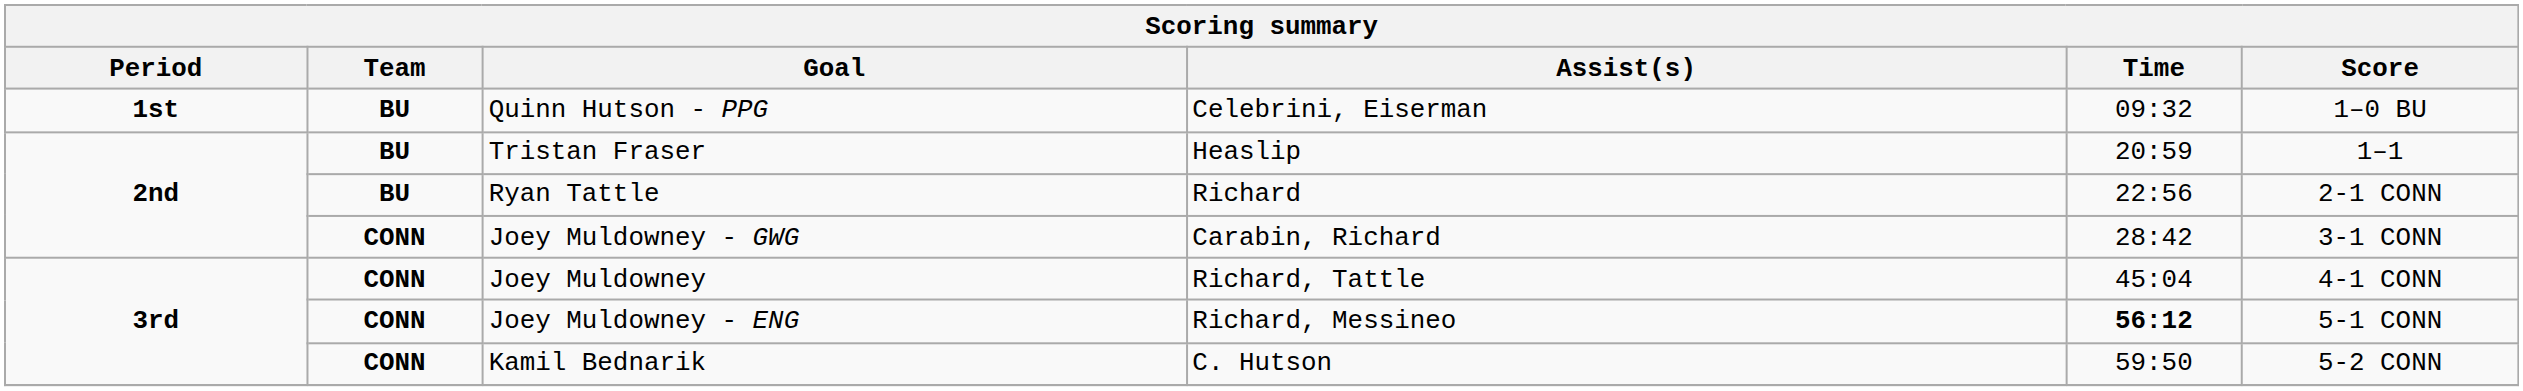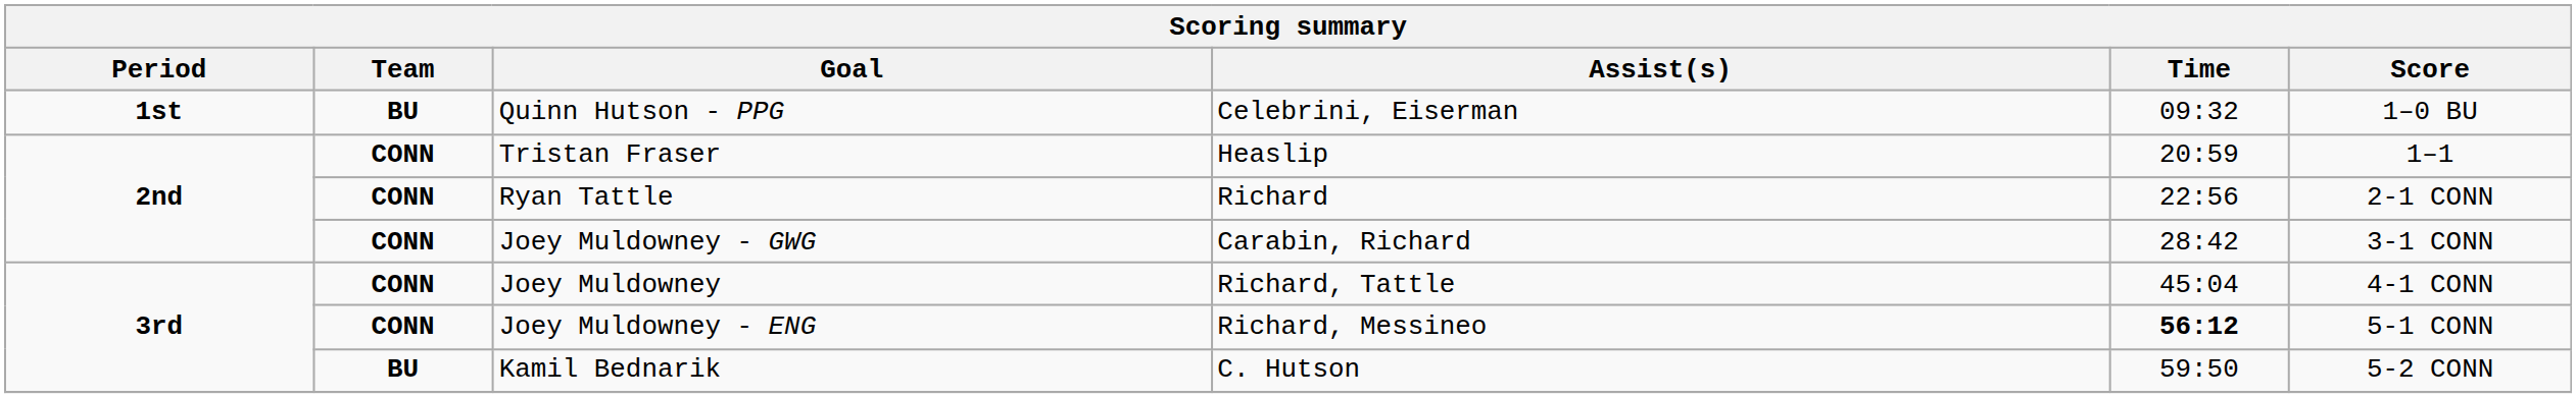 <table style="width:100%;" class="wikitable">
 <tr>
 <th colspan=6>Scoring summary</th>
 </tr>
 <tr>
 <th style="width:12%;">Period</th>
 <th style="width:7%;">Team</th>
 <th style="width:28%;">Goal</th>
 <th style="width:35%;">Assist(s)</th>
 <th style="width:7%;">Time</th>
 <th style="width:11%;">Score</th>
 </tr>
 <tr>
 <td style="text-align:center;" rowspan="1"><strong>1st</strong></td>
 <td align=center><strong>BU</strong></td>
 <td>Quinn Hutson - <em>PPG</em></td>
 <td>Celebrini, Eiserman</td>
 <td align=center>09:32</td>
 <td align=center>1–0 BU</td>
 </tr>
 <tr>
 <td style="text-align:center;" rowspan="3"><strong>2nd</strong></td>
-<td align=center><strong>BU</strong></td>
+<td align=center><strong>CONN</strong></td>
 <td>Tristan Fraser</td>
 <td>Heaslip</td>
 <td align=center>20:59</td>
 <td align=center>1–1</td>
 </tr>
 <tr>
-<td align=center><strong>BU</strong></td>
+<td align=center><strong>CONN</strong></td>
 <td>Ryan Tattle</td>
 <td>Richard</td>
 <td align=center>22:56</td>
 <td align=center>2-1 CONN</td>
 </tr>
 <tr>
 <td align=center><strong>CONN</strong></td>
 <td>Joey Muldowney - <em>GWG</em></td>
 <td>Carabin, Richard</td>
 <td align=center>28:42</td>
 <td align=center>3-1 CONN</td>
 </tr>
 <tr>
 <td style="text-align:center;" rowspan="3"><strong>3rd</strong></td>
 <td align=center><strong>CONN</strong></td>
 <td>Joey Muldowney</td>
 <td>Richard, Tattle</td>
 <td align=center>45:04</td>
 <td align=center>4-1 CONN</td>
 </tr>
 <tr>
 <td align=center><strong>CONN</strong></td>
 <td>Joey Muldowney - <em>ENG</em></td>
 <td>Richard, Messineo</td>
 <td align=center><strong>56:12</strong></td>
 <td align=center>5-1 CONN</td>
 </tr>
 <tr>
-<td align=center><strong>CONN</strong></td>
+<td align=center><strong>BU</strong></td>
 <td>Kamil Bednarik</td>
 <td>C. Hutson</td>
 <td align=center>59:50</td>
 <td align=center>5-2 CONN</td>
 </tr>
 <tr>
 </tr>
 </table>
